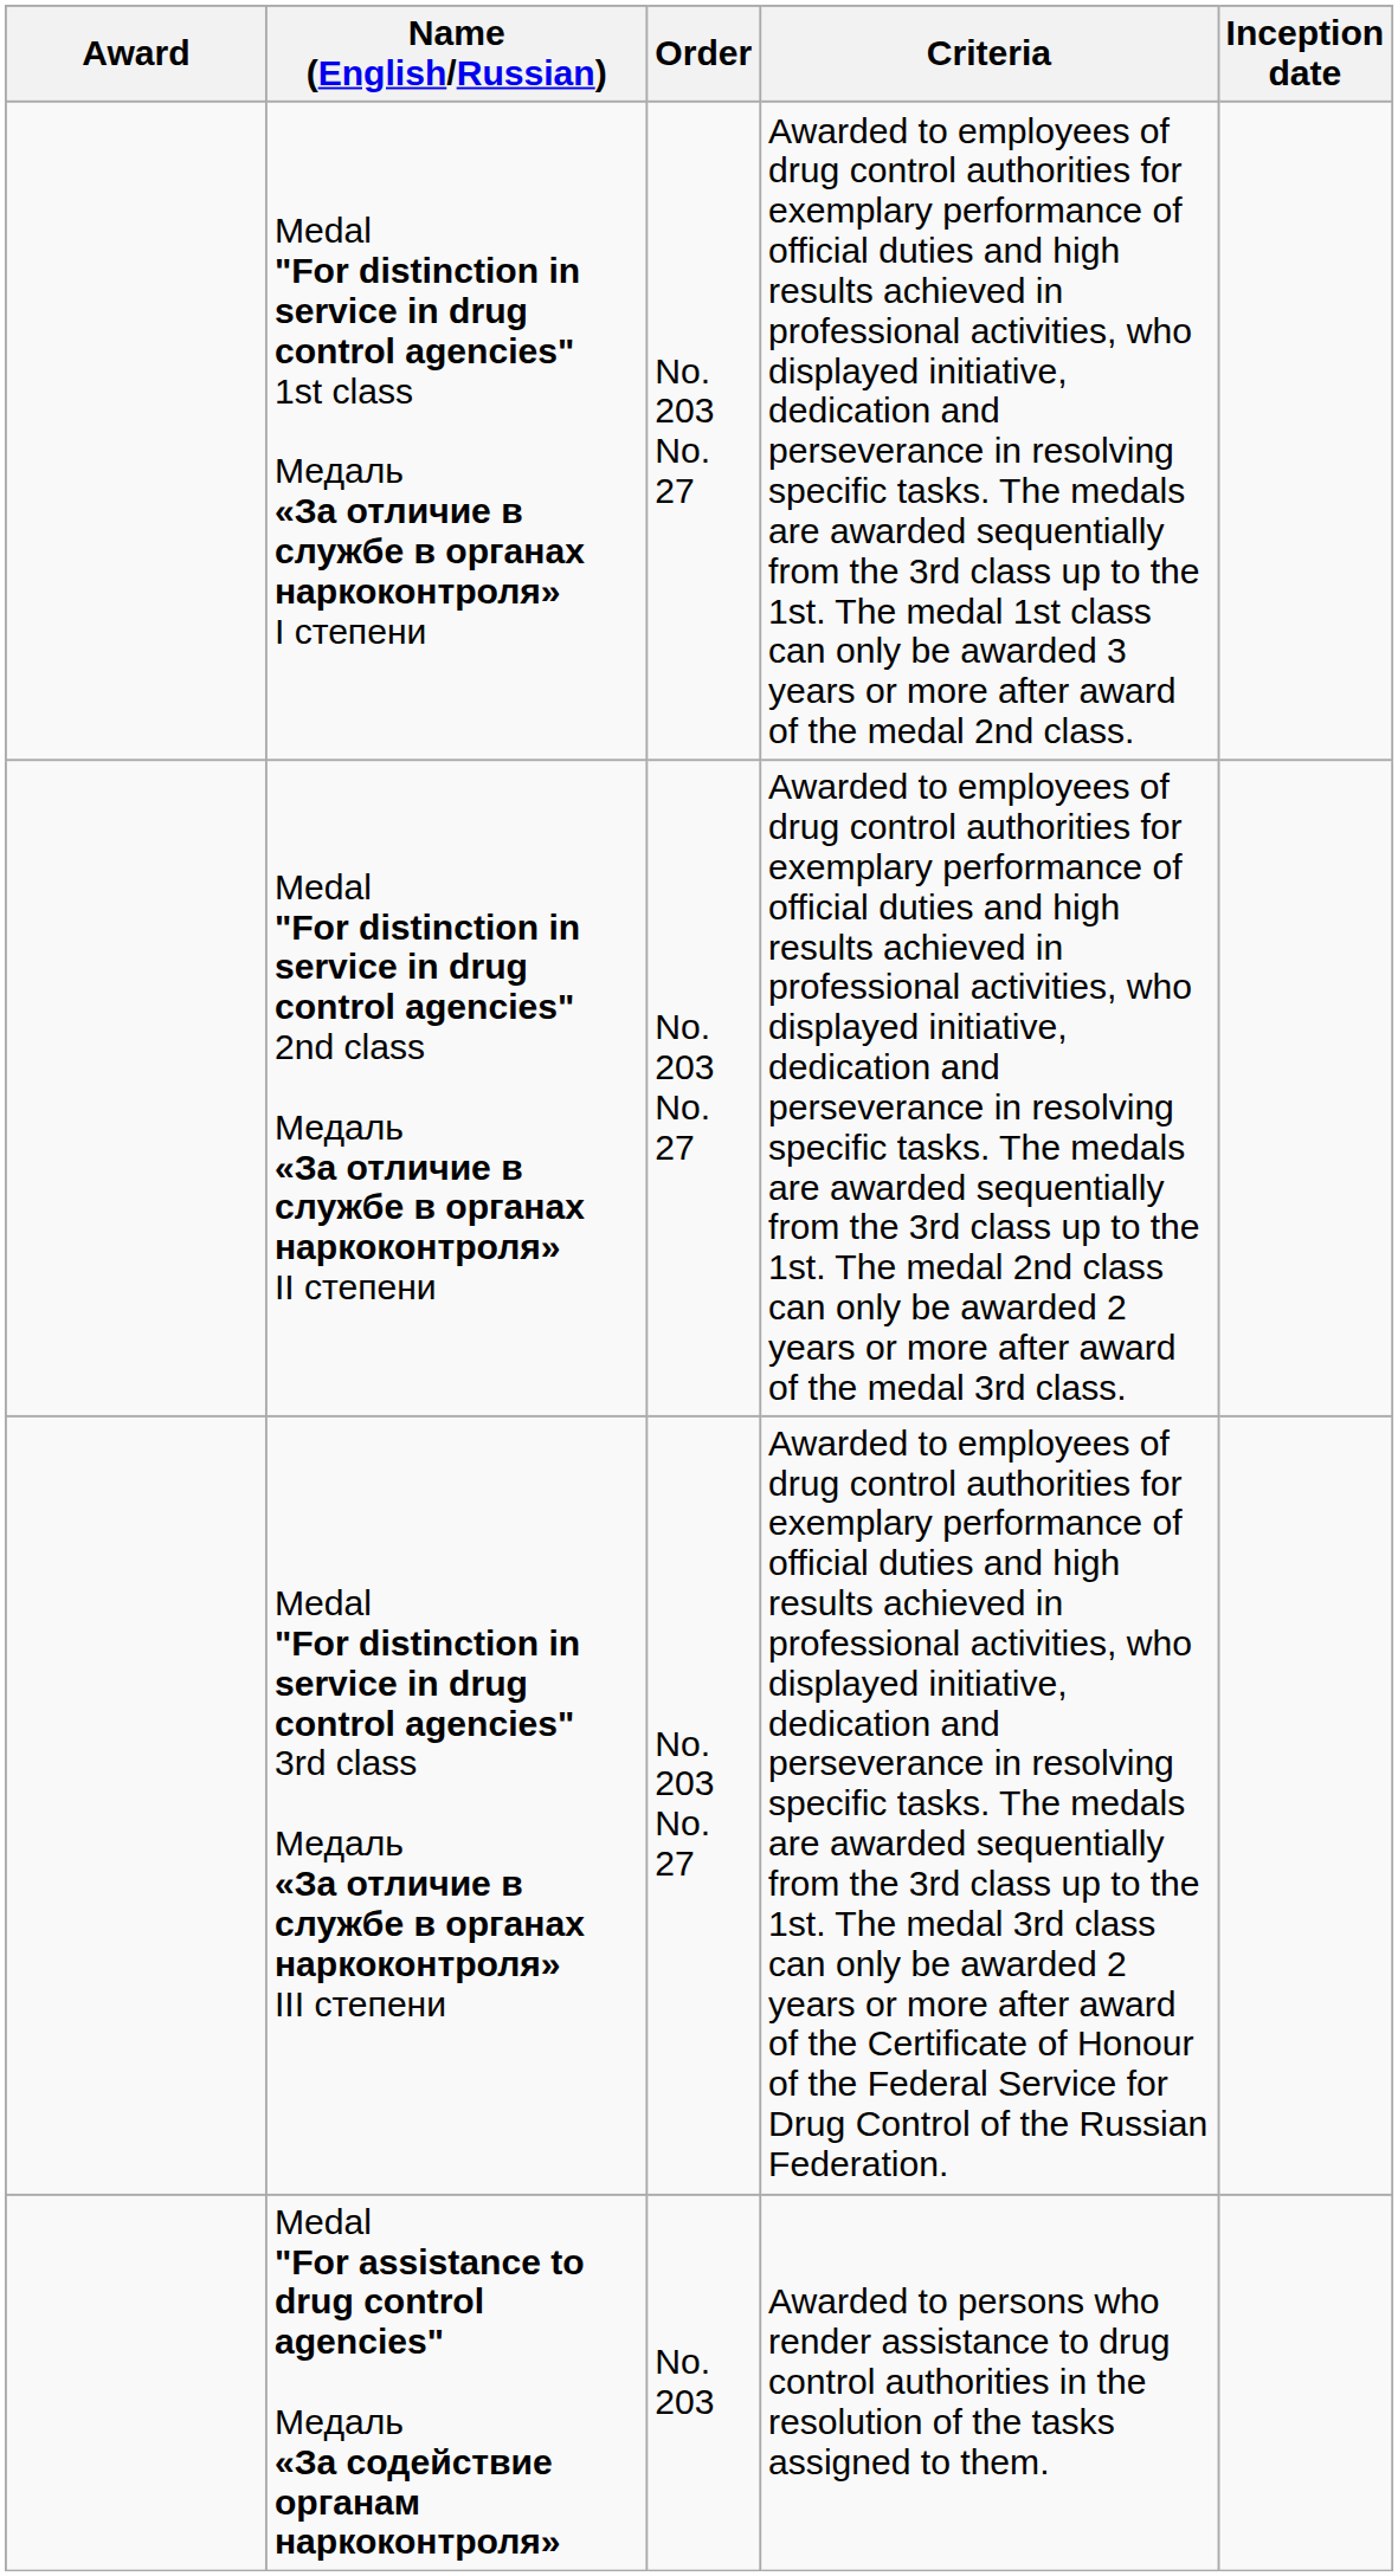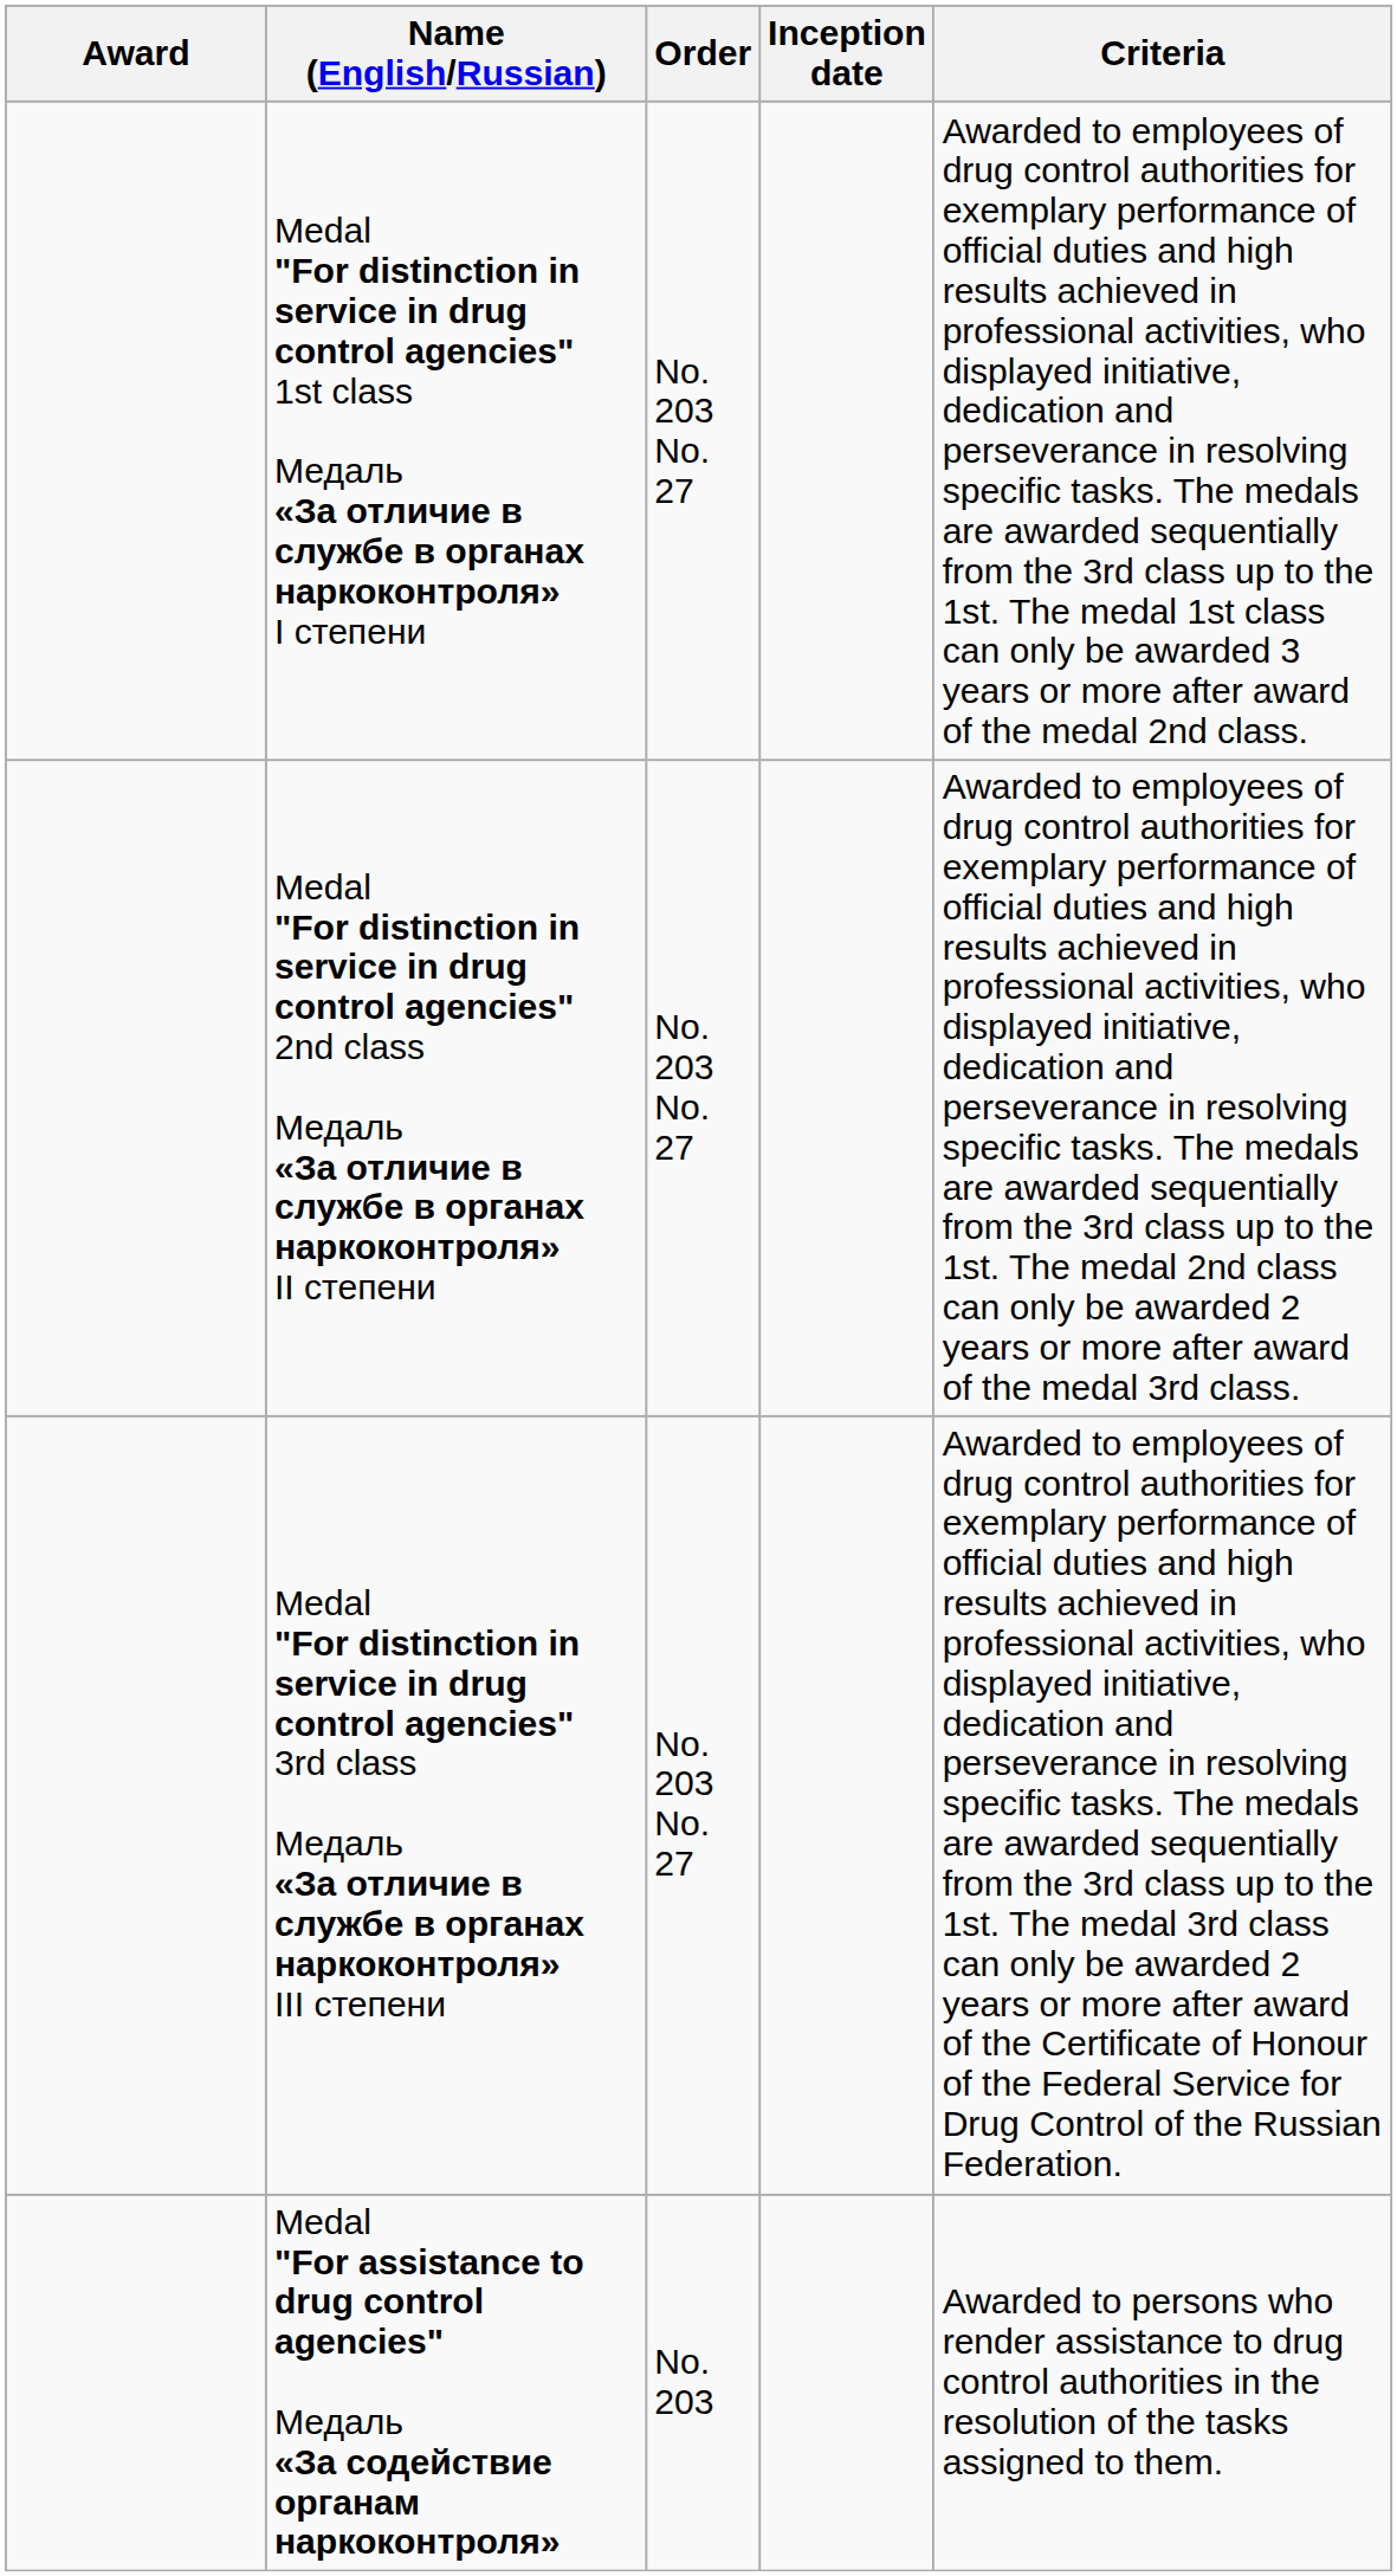 <table class="wikitable sortable" style="width:100%">
 <tr>
 <th style="width:20%">Award</th>
 <th style="width:28%">Name (<a href='#'>English</a>/<a href='#'>Russian</a>)</th>
 <th style="width:7%">Order</th>
+<th style="width:10%">Inception date</th>
 <th style="width:35%">Criteria</th>
-<th style="width:10%">Inception date</th>
 </tr>
 <tr>
 <td><br></td>
 <td>Medal<br><strong>"For distinction in service in drug control agencies"</strong><br>1st class<br><br>Медаль<br><strong>«За отличие в службе в органах наркоконтроля»</strong><br>I степени</td>
 <td>No. 203<br>No. 27</td>
+<td><br></td>
 <td>Awarded to employees of drug control authorities for exemplary performance of official duties and high results achieved in professional activities, who displayed initiative, dedication and perseverance in resolving specific tasks.  The medals are awarded sequentially from the 3rd class up to the 1st. The medal 1st class can only be awarded 3 years or more after award of the medal 2nd class.</td>
-<td><br></td>
 </tr>
 <tr>
 <td><br></td>
 <td>Medal<br><strong>"For distinction in service in drug control agencies"</strong><br>2nd class<br><br>Медаль<br><strong>«За отличие в службе в органах наркоконтроля»</strong><br>II степени</td>
 <td>No. 203<br>No. 27</td>
+<td><br></td>
 <td>Awarded to employees of drug control authorities for exemplary performance of official duties and high results achieved in professional activities, who displayed initiative, dedication and perseverance in resolving specific tasks.  The medals are awarded sequentially from the 3rd class up to the 1st. The medal 2nd class can only be awarded 2 years or more after award of the medal 3rd class.</td>
-<td><br></td>
 </tr>
 <tr>
 <td><br></td>
 <td>Medal<br><strong>"For distinction in service in drug control agencies"</strong><br>3rd class<br><br>Медаль<br><strong>«За отличие в службе в органах наркоконтроля»</strong><br>III степени</td>
 <td>No. 203<br>No. 27</td>
+<td><br></td>
 <td>Awarded to employees of drug control authorities for exemplary performance of official duties and high results achieved in professional activities, who displayed initiative, dedication and perseverance in resolving specific tasks.  The medals are awarded sequentially from the 3rd class up to the 1st. The medal 3rd class can only be awarded 2 years or more after award of the Certificate of Honour of the Federal Service for Drug Control of the Russian Federation.</td>
-<td><br></td>
 </tr>
 <tr>
 <td><br></td>
 <td>Medal<br><strong>"For assistance to drug control agencies"</strong><br><br>Медаль<br><strong>«За содействие органам наркоконтроля»</strong></td>
 <td>No. 203</td>
+<td></td>
 <td>Awarded to persons who render assistance to drug control authorities in the resolution of the tasks assigned to them.</td>
-<td></td>
 </tr>
 </table>
